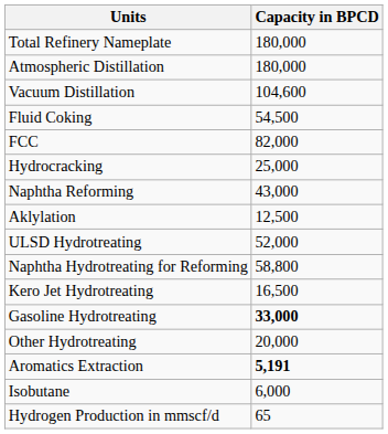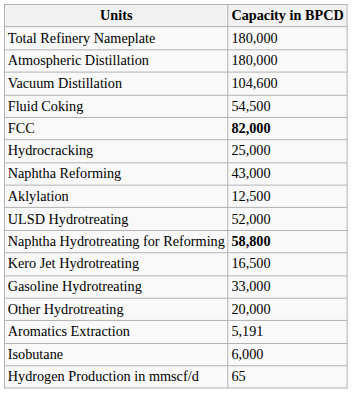 <table class="wikitable">
 <tr>
 <th>Units</th>
 <th>Capacity in BPCD</th>
 </tr>
 <tr>
 <td>Total Refinery Nameplate</td>
 <td>180,000</td>
 </tr>
 <tr>
 <td>Atmospheric Distillation</td>
 <td>180,000</td>
 </tr>
 <tr>
 <td>Vacuum Distillation</td>
 <td>104,600</td>
 </tr>
 <tr>
 <td>Fluid Coking</td>
 <td>54,500</td>
 </tr>
 <tr>
 <td>FCC</td>
-<td>82,000</td>
+<td><strong>82,000</strong></td>
 </tr>
 <tr>
 <td>Hydrocracking</td>
 <td>25,000</td>
 </tr>
 <tr>
 <td>Naphtha Reforming</td>
 <td>43,000</td>
 </tr>
 <tr>
 <td>Aklylation</td>
 <td>12,500</td>
 </tr>
 <tr>
 <td>ULSD Hydrotreating</td>
 <td>52,000</td>
 </tr>
 <tr>
 <td>Naphtha Hydrotreating for Reforming</td>
-<td>58,800</td>
+<td><strong>58,800</strong></td>
 </tr>
 <tr>
 <td>Kero Jet Hydrotreating</td>
 <td>16,500</td>
 </tr>
 <tr>
 <td>Gasoline Hydrotreating</td>
-<td><strong>33,000</strong></td>
+<td>33,000</td>
 </tr>
 <tr>
 <td>Other Hydrotreating</td>
 <td>20,000</td>
 </tr>
 <tr>
 <td>Aromatics Extraction</td>
-<td><strong>5,191</strong></td>
+<td>5,191</td>
 </tr>
 <tr>
 <td>Isobutane</td>
 <td>6,000</td>
 </tr>
 <tr>
 <td>Hydrogen Production in mmscf/d</td>
 <td>65</td>
 </tr>
 </table>
